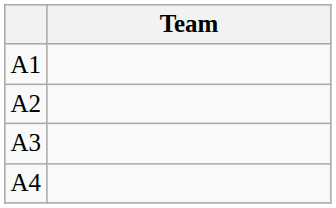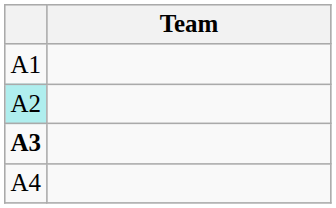 <table class="wikitable">
 <tr>
 <th></th>
 <th width="175">Team</th>
 </tr>
 <tr>
 <td align="center">A1</td>
 <td></td>
 </tr>
 <tr>
-<td align="center">A2</td>
+<td align="center" style="background: paleturquoise;">A2</td>
 <td></td>
 </tr>
 <tr>
-<td align="center">A3</td>
+<td align="center"><strong>A3</strong></td>
 <td><s></s></td>
 </tr>
 <tr>
 <td align="center">A4</td>
 <td></td>
 </tr>
 </table>
